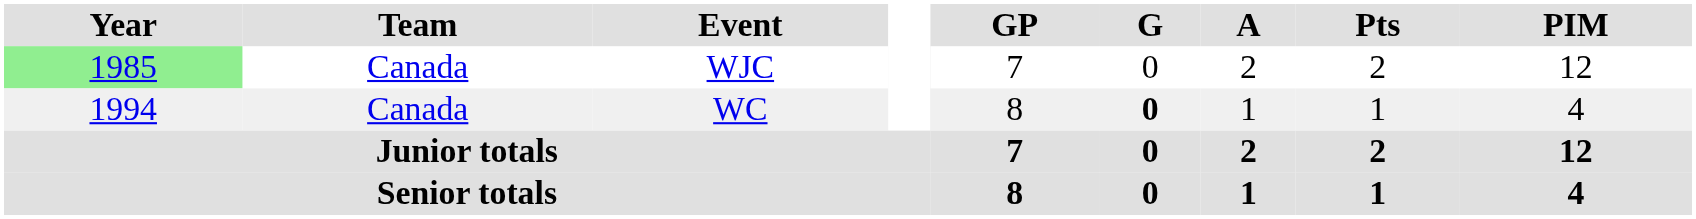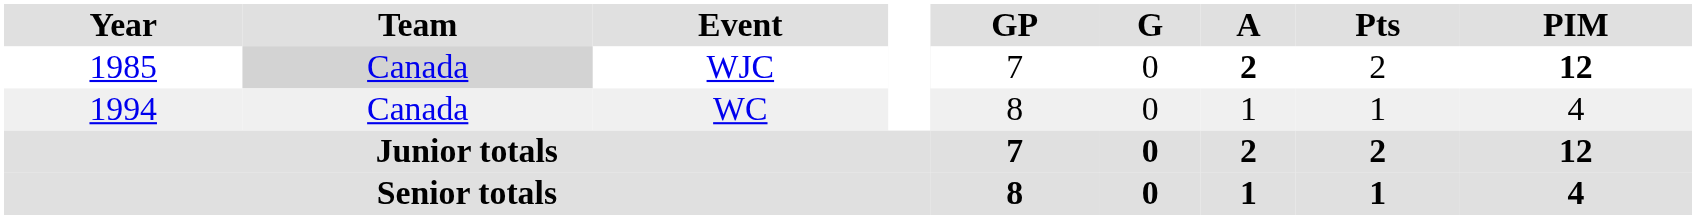 <table border="0" cellpadding="1" cellspacing="0" style="text-align:center; width:50em">
 <tr ALIGN="center" bgcolor="#e0e0e0">
 <th>Year</th>
 <th>Team</th>
 <th>Event</th>
 <th rowspan="99" bgcolor="#ffffff"> </th>
 <th>GP</th>
 <th>G</th>
 <th>A</th>
 <th>Pts</th>
 <th>PIM</th>
 </tr>
 <tr>
-<td style="background: lightgreen;"><a href='#'>1985</a></td>
-<td><a href='#'>Canada</a></td>
+<td><a href='#'>1985</a></td>
+<td style="background: lightgrey;"><a href='#'>Canada</a></td>
 <td><a href='#'>WJC</a></td>
 <td>7</td>
 <td>0</td>
+<td><strong>2</strong></td>
 <td>2</td>
-<td>2</td>
-<td>12</td>
+<td><strong>12</strong></td>
 </tr>
 <tr bgcolor="#f0f0f0">
 <td><a href='#'>1994</a></td>
 <td><a href='#'>Canada</a></td>
 <td><a href='#'>WC</a></td>
 <td>8</td>
-<td><strong>0</strong></td>
+<td>0</td>
 <td>1</td>
 <td>1</td>
 <td>4</td>
 </tr>
 <tr bgcolor="#e0e0e0">
 <th colspan="4">Junior totals</th>
 <th>7</th>
 <th>0</th>
 <th>2</th>
 <th>2</th>
 <th>12</th>
 </tr>
 <tr bgcolor="#e0e0e0">
 <th colspan="4">Senior totals</th>
 <th>8</th>
 <th>0</th>
 <th>1</th>
 <th>1</th>
 <th>4</th>
 </tr>
 </table>
